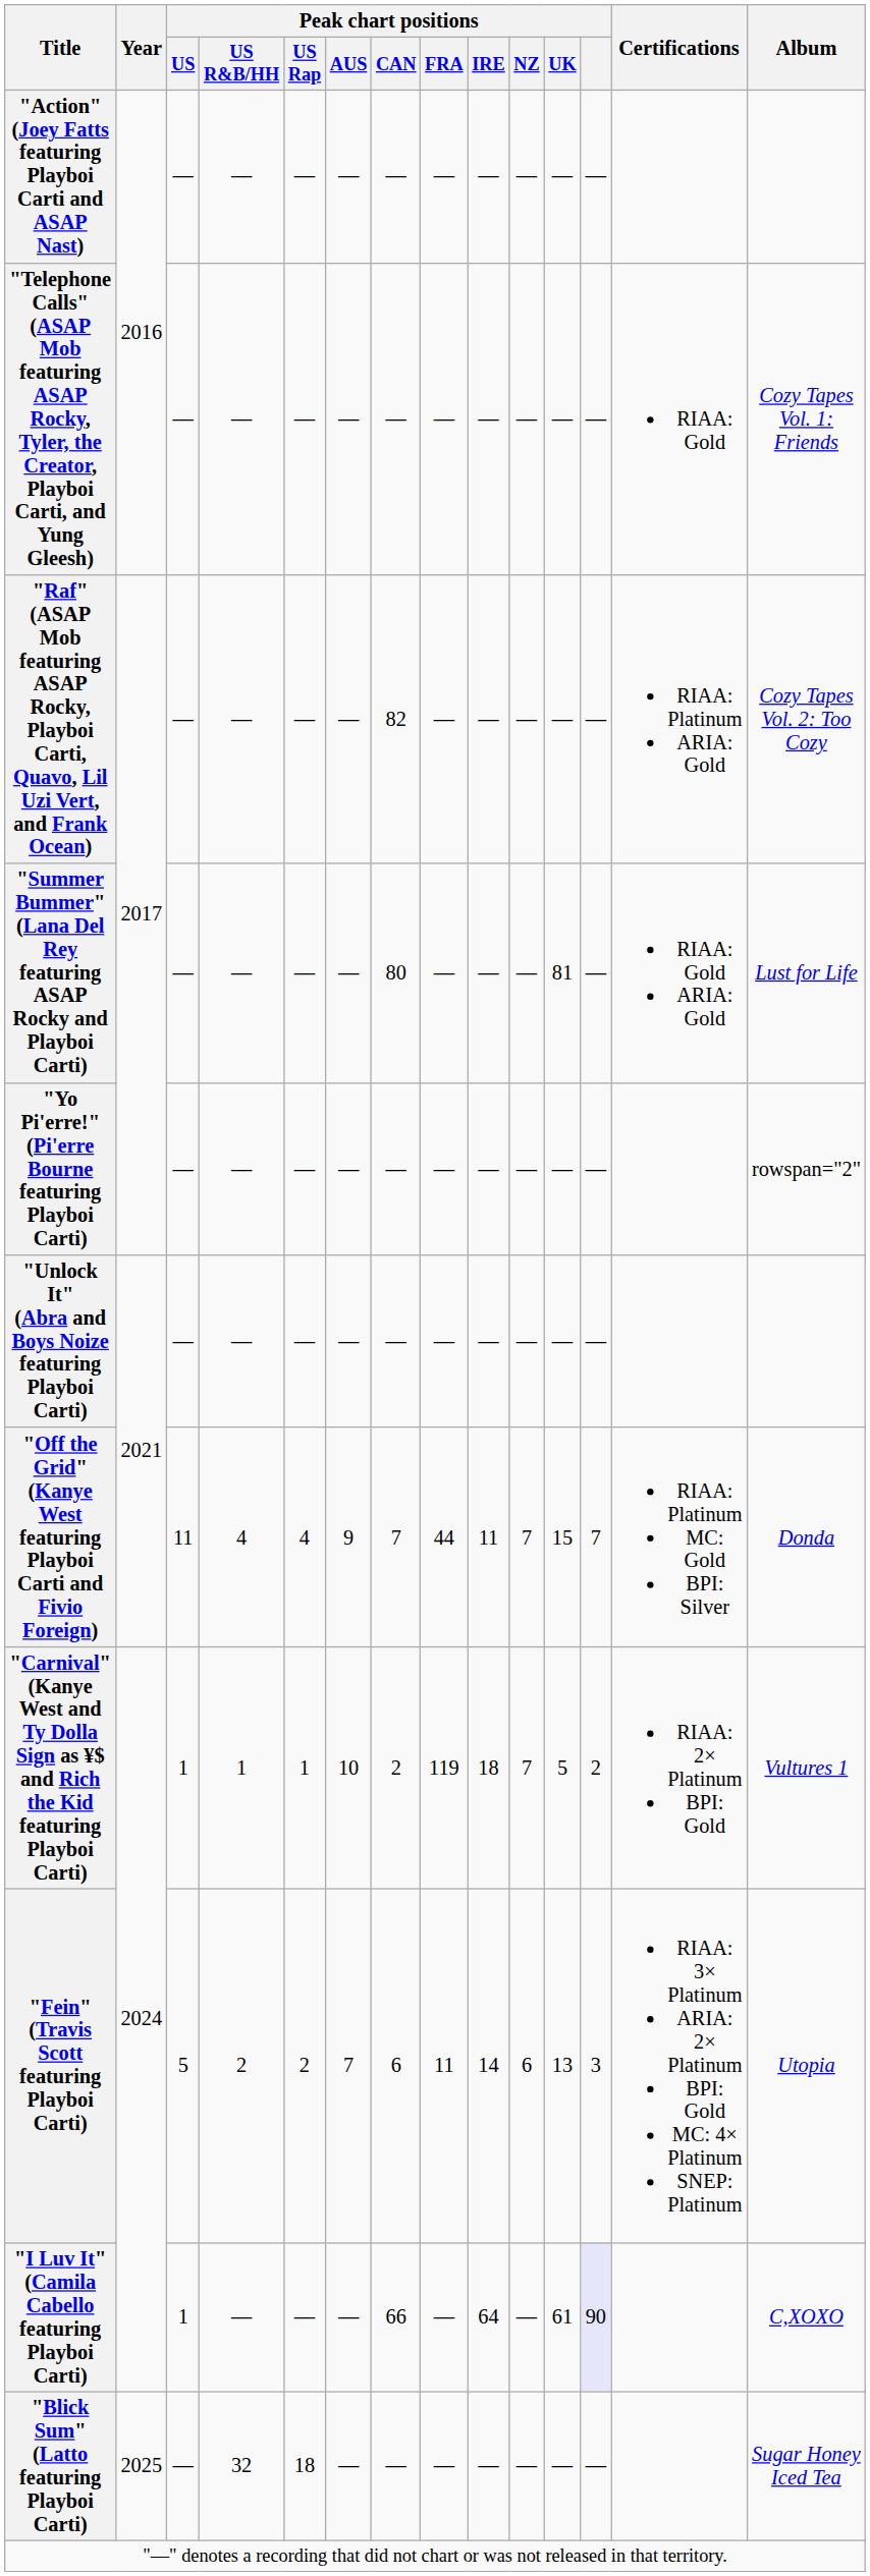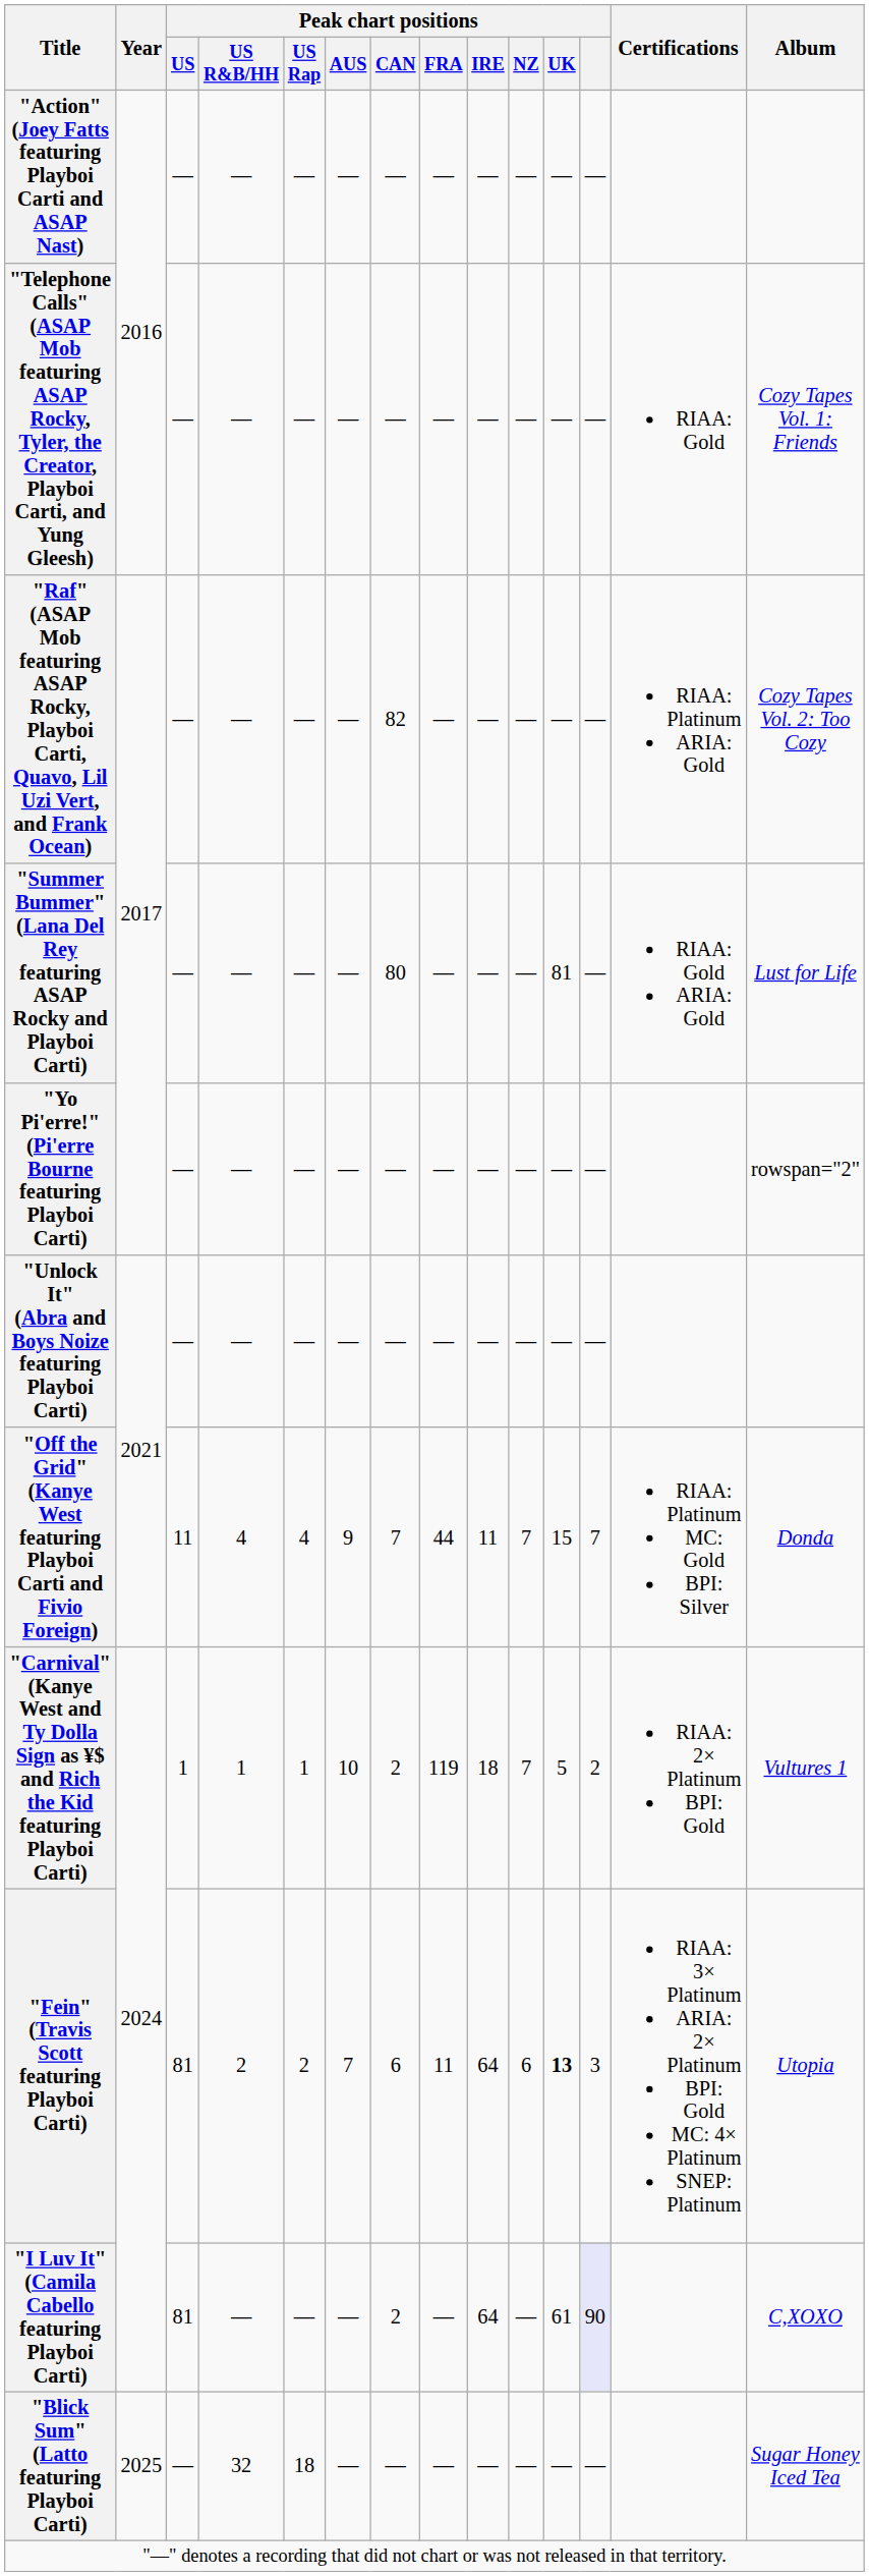 <table class="wikitable plainrowheaders" style="text-align:center;">
 <tr>
 <th scope="col" rowspan="2" style="width:18em;">Title</th>
 <th scope="col" rowspan="2">Year</th>
 <th scope="col" colspan="10">Peak chart positions</th>
 <th scope="col" rowspan="2">Certifications</th>
 <th scope="col" rowspan="2">Album</th>
 </tr>
 <tr>
 <th scope="col" style="width:3em;font-size:90%;"><a href='#'>US</a><br></th>
 <th scope="col" style="width:3em;font-size:90%;"><a href='#'>US<br>R&B/HH</a><br></th>
 <th scope="col" style="width:3em;font-size:90%;"><a href='#'>US<br>Rap</a><br></th>
 <th scope="col" style="width:3em;font-size:90%;"><a href='#'>AUS</a><br></th>
 <th scope="col" style="width:3em;font-size:90%;"><a href='#'>CAN</a><br></th>
 <th scope="col" style="width:3em;font-size:90%;"><a href='#'>FRA</a><br></th>
 <th scope="col" style="width:3em;font-size:90%;"><a href='#'>IRE</a><br></th>
 <th scope="col" style="width:3em;font-size:90%;"><a href='#'>NZ</a><br></th>
 <th scope="col" style="width:3em;font-size:90%;"><a href='#'>UK</a><br></th>
 <th scope="col" style="width:3em;font-size:90%;"><a href='#'></a><br></th>
 </tr>
 <tr>
 <th scope="row">"Action"<br><span>(<a href='#'>Joey Fatts</a> featuring Playboi Carti and <a href='#'>ASAP Nast</a>)</span></th>
 <td rowspan="2">2016</td>
 <td>—</td>
 <td>—</td>
 <td>—</td>
 <td>—</td>
 <td>—</td>
 <td>—</td>
 <td>—</td>
 <td>—</td>
 <td>—</td>
 <td>—</td>
 <td></td>
 <td></td>
 </tr>
 <tr>
 <th scope="row">"Telephone Calls"<br><span>(<a href='#'>ASAP Mob</a> featuring <a href='#'>ASAP Rocky</a>, <a href='#'>Tyler, the Creator</a>, Playboi Carti, and Yung Gleesh)</span></th>
 <td>—</td>
 <td>—</td>
 <td>—</td>
 <td>—</td>
 <td>—</td>
 <td>—</td>
 <td>—</td>
 <td>—</td>
 <td>—</td>
 <td>—</td>
 <td><br><ul><li>RIAA: Gold</li></ul></td>
 <td><em><a href='#'>Cozy Tapes Vol. 1: Friends</a></em></td>
 </tr>
 <tr>
 <th scope="row">"<a href='#'>Raf</a>"<br><span>(ASAP Mob featuring ASAP Rocky, Playboi Carti, <a href='#'>Quavo</a>, <a href='#'>Lil Uzi Vert</a>, and <a href='#'>Frank Ocean</a>)</span></th>
 <td rowspan="3">2017</td>
 <td>—</td>
 <td>—</td>
 <td>—</td>
 <td>—</td>
 <td>82</td>
 <td>—</td>
 <td>—</td>
 <td>—</td>
 <td>—</td>
 <td>—</td>
 <td><br><ul><li>RIAA: Platinum</li><li>ARIA: Gold</li></ul></td>
 <td><em><a href='#'>Cozy Tapes Vol. 2: Too Cozy</a></em></td>
 </tr>
 <tr>
 <th scope="row">"<a href='#'>Summer Bummer</a>"<br><span>(<a href='#'>Lana Del Rey</a> featuring ASAP Rocky and Playboi Carti)</span></th>
 <td>—</td>
 <td>—</td>
 <td>—</td>
 <td>—</td>
 <td>80</td>
 <td>—</td>
 <td>—</td>
 <td>—</td>
 <td>81</td>
 <td>—</td>
 <td><br><ul><li>RIAA: Gold</li><li>ARIA: Gold</li></ul></td>
 <td><em><a href='#'>Lust for Life</a></em></td>
 </tr>
 <tr>
 <th scope="row">"Yo Pi'erre!"<br><span>(<a href='#'>Pi'erre Bourne</a> featuring Playboi Carti)</span></th>
 <td>—</td>
 <td>—</td>
 <td>—</td>
 <td>—</td>
 <td>—</td>
 <td>—</td>
 <td>—</td>
 <td>—</td>
 <td>—</td>
 <td>—</td>
 <td></td>
 <td>rowspan="2" </td>
 </tr>
 <tr>
 <th scope="row">"Unlock It"<br><span>(<a href='#'>Abra</a> and <a href='#'>Boys Noize</a> featuring Playboi Carti)</span></th>
 <td rowspan="2">2021</td>
 <td>—</td>
 <td>—</td>
 <td>—</td>
 <td>—</td>
 <td>—</td>
 <td>—</td>
 <td>—</td>
 <td>—</td>
 <td>—</td>
 <td>—</td>
 <td></td>
 </tr>
 <tr>
 <th scope="row">"<a href='#'>Off the Grid</a>"<br><span>(<a href='#'>Kanye West</a> featuring Playboi Carti and <a href='#'>Fivio Foreign</a>)</span></th>
 <td>11</td>
 <td>4</td>
 <td>4</td>
 <td>9</td>
 <td>7</td>
 <td>44</td>
 <td>11</td>
 <td>7</td>
 <td>15</td>
 <td>7</td>
 <td><br><ul><li>RIAA: Platinum</li><li>MC: Gold</li><li>BPI: Silver</li></ul></td>
 <td><em><a href='#'>Donda</a></em></td>
 </tr>
 <tr>
 <th scope="row">"<a href='#'>Carnival</a>"<br><span>(Kanye West and <a href='#'>Ty Dolla Sign</a> as ¥$ and <a href='#'>Rich the Kid</a> featuring Playboi Carti)</span></th>
 <td rowspan="3">2024</td>
 <td>1</td>
 <td>1</td>
 <td>1</td>
 <td>10</td>
 <td>2</td>
 <td>119</td>
 <td>18</td>
 <td>7</td>
 <td>5</td>
 <td>2</td>
 <td><br><ul><li>RIAA: 2× Platinum</li><li>BPI: Gold</li></ul></td>
 <td><em><a href='#'>Vultures 1</a></em></td>
 </tr>
 <tr>
 <th scope="row">"<a href='#'>Fein</a>"<br><span>(<a href='#'>Travis Scott</a> featuring Playboi Carti)</span></th>
-<td>5</td>
+<td>81</td>
 <td>2</td>
 <td>2</td>
 <td>7</td>
 <td>6</td>
 <td>11</td>
-<td>14</td>
+<td>64</td>
 <td>6</td>
-<td>13</td>
+<td><strong>13</strong></td>
 <td>3</td>
 <td><br><ul><li>RIAA: 3× Platinum</li><li>ARIA: 2× Platinum</li><li>BPI: Gold</li><li>MC: 4× Platinum</li><li>SNEP: Platinum</li></ul></td>
 <td><em><a href='#'>Utopia</a></em></td>
 </tr>
 <tr>
 <th scope="row">"<a href='#'>I Luv It</a>"<br><span>(<a href='#'>Camila Cabello</a> featuring Playboi Carti)</span></th>
-<td>1</td>
+<td>81</td>
 <td>—</td>
 <td>—</td>
 <td>—</td>
-<td>66</td>
+<td>2</td>
 <td>—</td>
 <td>64</td>
 <td>—</td>
 <td>61</td>
 <td style="background: lavender;">90</td>
 <td></td>
 <td><em><a href='#'>C,XOXO</a></em></td>
 </tr>
 <tr>
 <th scope="row">"<a href='#'>Blick Sum</a>"<br><span>(<a href='#'>Latto</a> featuring Playboi Carti)</span></th>
 <td>2025</td>
 <td>—</td>
 <td>32</td>
 <td>18</td>
 <td>—</td>
 <td>—</td>
 <td>—</td>
 <td>—</td>
 <td>—</td>
 <td>—</td>
 <td>—</td>
 <td></td>
 <td><em><a href='#'>Sugar Honey Iced Tea</a></em></td>
 </tr>
 <tr>
 <td colspan="14" style="font-size:90%">"—" denotes a recording that did not chart or was not released in that territory.</td>
 </tr>
 </table>
